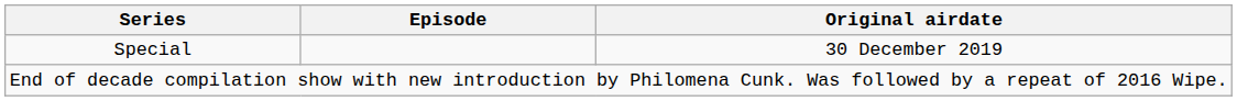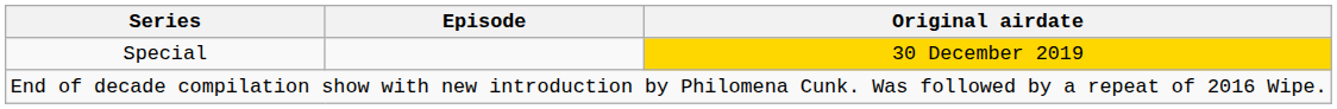 <table class="wikitable" style="text-align:center">
 <tr>
 <th>Series</th>
 <th>Episode</th>
 <th>Original airdate</th>
 </tr>
 <tr>
 <td>Special</td>
 <td></td>
-<td>30 December 2019</td>
+<td style="background: gold;">30 December 2019</td>
 </tr>
 <tr>
 <td colspan="3" align="left">End of decade compilation show with new introduction by Philomena Cunk. Was followed by a repeat of 2016 Wipe.</td>
 </tr>
 </table>
